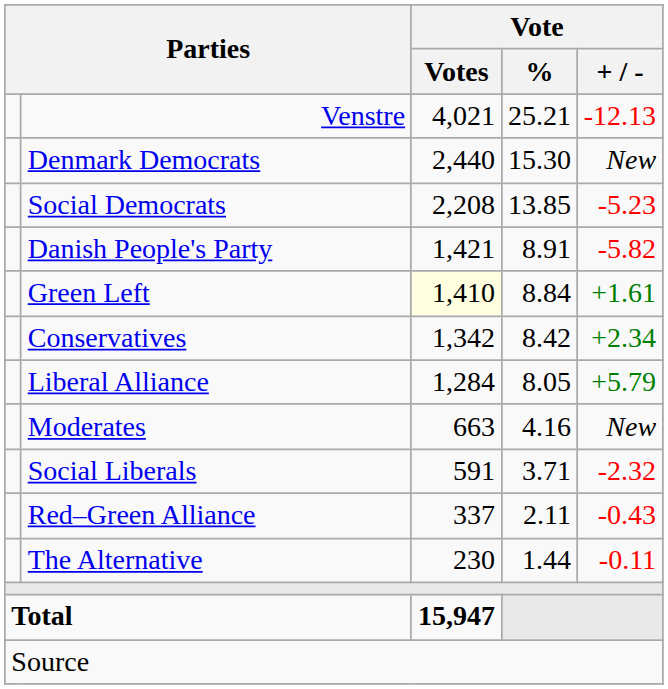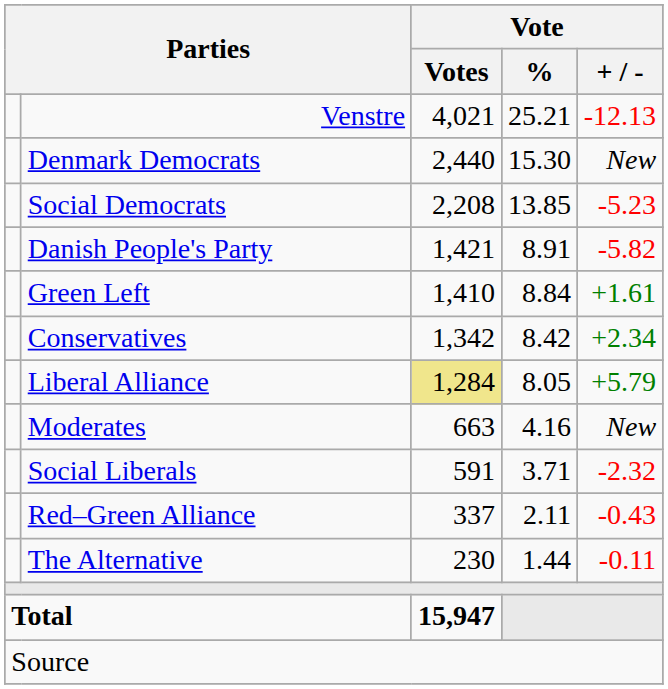 <table class="wikitable" style="text-align:right;">
 <tr>
 <th style="text-align:centre;" rowspan="2" colspan="2" width="225">Parties</th>
 <th colspan="3">Vote</th>
 </tr>
 <tr>
 <th width="15">Votes</th>
 <th width="15">%</th>
 <th width="15">+ / -</th>
 </tr>
 <tr>
 <td width=2 bgcolor=></td>
 <td><a href='#'>Venstre</a></td>
 <td>4,021</td>
 <td>25.21</td>
 <td style=color:red;>-12.13</td>
 </tr>
 <tr>
 <td width=2 bgcolor=></td>
 <td align=left><a href='#'>Denmark Democrats</a></td>
 <td>2,440</td>
 <td>15.30</td>
 <td><em>New</em></td>
 </tr>
 <tr>
 <td width=2 bgcolor=></td>
 <td align=left><a href='#'>Social Democrats</a></td>
 <td>2,208</td>
 <td>13.85</td>
 <td style=color:red;>-5.23</td>
 </tr>
 <tr>
 <td width=2 bgcolor=></td>
 <td align=left><a href='#'>Danish People's Party</a></td>
 <td>1,421</td>
 <td>8.91</td>
 <td style=color:red;>-5.82</td>
 </tr>
 <tr>
 <td width=2 bgcolor=></td>
 <td align=left><a href='#'>Green Left</a></td>
-<td style="background: lightyellow;">1,410</td>
+<td>1,410</td>
 <td>8.84</td>
 <td style=color:green;>+1.61</td>
 </tr>
 <tr>
 <td width=2 bgcolor=></td>
 <td align=left><a href='#'>Conservatives</a></td>
 <td>1,342</td>
 <td>8.42</td>
 <td style=color:green;>+2.34</td>
 </tr>
 <tr>
 <td width=2 bgcolor=></td>
 <td align=left><a href='#'>Liberal Alliance</a></td>
-<td>1,284</td>
+<td style="background: khaki;">1,284</td>
 <td>8.05</td>
 <td style=color:green;>+5.79</td>
 </tr>
 <tr>
 <td width=2 bgcolor=></td>
 <td align=left><a href='#'>Moderates</a></td>
 <td>663</td>
 <td>4.16</td>
 <td><em>New</em></td>
 </tr>
 <tr>
 <td width=2 bgcolor=></td>
 <td align=left><a href='#'>Social Liberals</a></td>
 <td>591</td>
 <td>3.71</td>
 <td style=color:red;>-2.32</td>
 </tr>
 <tr>
 <td width=2 bgcolor=></td>
 <td align=left><a href='#'>Red–Green Alliance</a></td>
 <td>337</td>
 <td>2.11</td>
 <td style=color:red;>-0.43</td>
 </tr>
 <tr>
 <td width=2 bgcolor=></td>
 <td align=left><a href='#'>The Alternative</a></td>
 <td>230</td>
 <td>1.44</td>
 <td style=color:red;>-0.11</td>
 </tr>
 <tr>
 <td colspan="7" bgcolor="#E9E9E9"></td>
 </tr>
 <tr>
 <td align="left" colspan="2"><strong>Total</strong></td>
 <td><strong>15,947</strong></td>
 <td bgcolor=#E9E9E9 colspan=2></td>
 </tr>
 <tr>
 <td align="left" colspan="6">Source</td>
 </tr>
 </table>
